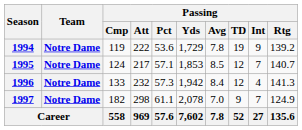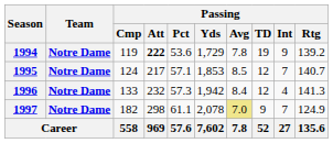 <table class="wikitable" style="text-align:center;">
 <tr>
 <th rowspan="2">Season</th>
 <th rowspan="2">Team</th>
 <th colspan="8">Passing</th>
 </tr>
 <tr>
 <th>Cmp</th>
 <th>Att</th>
 <th>Pct</th>
 <th>Yds</th>
 <th>Avg</th>
 <th>TD</th>
 <th>Int</th>
 <th>Rtg</th>
 </tr>
 <tr>
 <th><a href='#'>1994</a></th>
 <th><a href='#'>Notre Dame</a></th>
 <td>119</td>
-<td>222</td>
+<td><strong>222</strong></td>
 <td>53.6</td>
 <td>1,729</td>
 <td>7.8</td>
 <td>19</td>
 <td>9</td>
 <td>139.2</td>
 </tr>
 <tr>
 <th><a href='#'>1995</a></th>
 <th><a href='#'>Notre Dame</a></th>
 <td>124</td>
 <td>217</td>
 <td>57.1</td>
 <td>1,853</td>
 <td>8.5</td>
 <td>12</td>
 <td>7</td>
 <td>140.7</td>
 </tr>
 <tr>
 <th><a href='#'>1996</a></th>
 <th><a href='#'>Notre Dame</a></th>
 <td>133</td>
 <td>232</td>
 <td>57.3</td>
 <td>1,942</td>
 <td>8.4</td>
 <td>12</td>
 <td>4</td>
 <td>141.3</td>
 </tr>
 <tr>
 <th><a href='#'>1997</a></th>
 <th><a href='#'>Notre Dame</a></th>
 <td>182</td>
 <td>298</td>
 <td>61.1</td>
 <td>2,078</td>
-<td>7.0</td>
+<td style="background: khaki;">7.0</td>
 <td>9</td>
 <td>7</td>
 <td>124.9</td>
 </tr>
 <tr>
 <th colspan="2">Career</th>
 <th>558</th>
 <th>969</th>
 <th>57.6</th>
 <th>7,602</th>
 <th>7.8</th>
 <th>52</th>
 <th>27</th>
 <th>135.6</th>
 </tr>
 </table>
